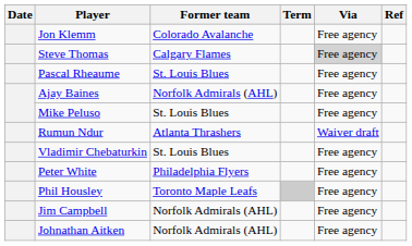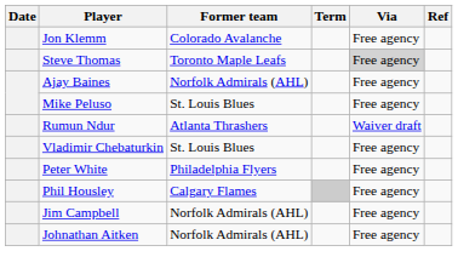 <table class="wikitable plainrowheaders">
 <tr style="background:#ddd; text-align:center;">
 <th>Date</th>
 <th>Player</th>
 <th>Former team</th>
 <th>Term</th>
 <th>Via</th>
 <th>Ref</th>
 </tr>
 <tr>
 <th scope="row"></th>
 <td><a href='#'>Jon Klemm</a></td>
 <td><a href='#'>Colorado Avalanche</a></td>
 <td></td>
 <td>Free agency</td>
 <td></td>
 </tr>
 <tr>
 <th scope="row"></th>
 <td><a href='#'>Steve Thomas</a></td>
-<td><a href='#'>Calgary Flames</a></td>
+<td><a href='#'>Toronto Maple Leafs</a></td>
 <td></td>
 <td style="background: lightgrey;">Free agency</td>
-<td></td>
-</tr>
-<tr>
-<th scope="row"></th>
-<td><a href='#'>Pascal Rheaume</a></td>
-<td><a href='#'>St. Louis Blues</a></td>
-<td></td>
-<td>Free agency</td>
 <td></td>
 </tr>
 <tr>
 <th scope="row" rowspan=2></th>
 <td><a href='#'>Ajay Baines</a></td>
 <td><a href='#'>Norfolk Admirals</a> (<a href='#'>AHL</a>)</td>
 <td></td>
 <td>Free agency</td>
 <td></td>
 </tr>
 <tr>
 <td><a href='#'>Mike Peluso</a></td>
 <td>St. Louis Blues</td>
 <td></td>
 <td>Free agency</td>
 <td></td>
 </tr>
 <tr>
 <th scope="row"></th>
 <td><a href='#'>Rumun Ndur</a></td>
 <td><a href='#'>Atlanta Thrashers</a></td>
 <td></td>
 <td><a href='#'>Waiver draft</a></td>
 <td></td>
 </tr>
 <tr>
 <th scope="row"></th>
 <td><a href='#'>Vladimir Chebaturkin</a></td>
 <td>St. Louis Blues</td>
 <td></td>
 <td>Free agency</td>
 <td></td>
 </tr>
 <tr>
 <th scope="row"></th>
 <td><a href='#'>Peter White</a></td>
 <td><a href='#'>Philadelphia Flyers</a></td>
 <td></td>
 <td>Free agency</td>
 <td></td>
 </tr>
 <tr>
 <th scope="row"></th>
 <td><a href='#'>Phil Housley</a></td>
-<td><a href='#'>Toronto Maple Leafs</a></td>
+<td><a href='#'>Calgary Flames</a></td>
 <td style="background:#ccc"></td>
 <td>Free agency</td>
 <td></td>
 </tr>
 <tr>
 <th scope="row"></th>
 <td><a href='#'>Jim Campbell</a></td>
 <td>Norfolk Admirals (AHL)</td>
 <td></td>
 <td>Free agency</td>
 <td></td>
 </tr>
 <tr>
 <th scope="row"></th>
 <td><a href='#'>Johnathan Aitken</a></td>
 <td>Norfolk Admirals (AHL)</td>
 <td></td>
 <td>Free agency</td>
 <td></td>
 </tr>
 </table>
